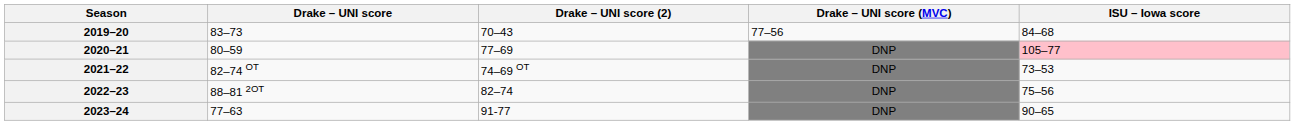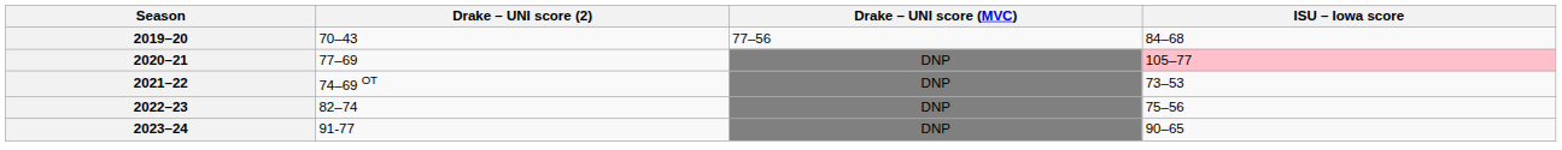 <table class="wikitable" style="margin:1em auto 1em auto; width:90%;">
 <tr>
 <th style="width:9%;">Season</th>
-<th style="width:12%;">Drake – UNI score</th>
 <th style="width:12%;">Drake – UNI score (2)</th>
 <th style="width:12%;">Drake – UNI score (<a href='#'>MVC</a>)</th>
 <th style="width:12%;">ISU – Iowa score</th>
 </tr>
 <tr>
 <th>2019–20</th>
-<td>83–73</td>
 <td>70–43</td>
 <td>77–56</td>
 <td>84–68</td>
 </tr>
 <tr>
 <th>2020–21</th>
-<td>80–59</td>
 <td>77–69</td>
 <td style="background: grey; color: black; text-align:center;">DNP</td>
 <td style="background: pink;">105–77</td>
 </tr>
 <tr>
 <th>2021–22</th>
-<td>82–74 <sup>OT</sup></td>
 <td>74–69 <sup>OT</sup></td>
 <td style="background: grey; color: black; text-align:center;">DNP</td>
 <td>73–53</td>
 </tr>
 <tr>
 <th>2022–23</th>
-<td>88–81 <sup>2OT</sup></td>
 <td>82–74</td>
 <td style="background: grey; color: black; text-align:center;">DNP</td>
 <td>75–56</td>
 </tr>
 <tr>
 <th>2023–24</th>
-<td>77–63</td>
 <td>91-77</td>
 <td style="background: grey; color: black; text-align:center;">DNP</td>
 <td>90–65</td>
 </tr>
 </table>
